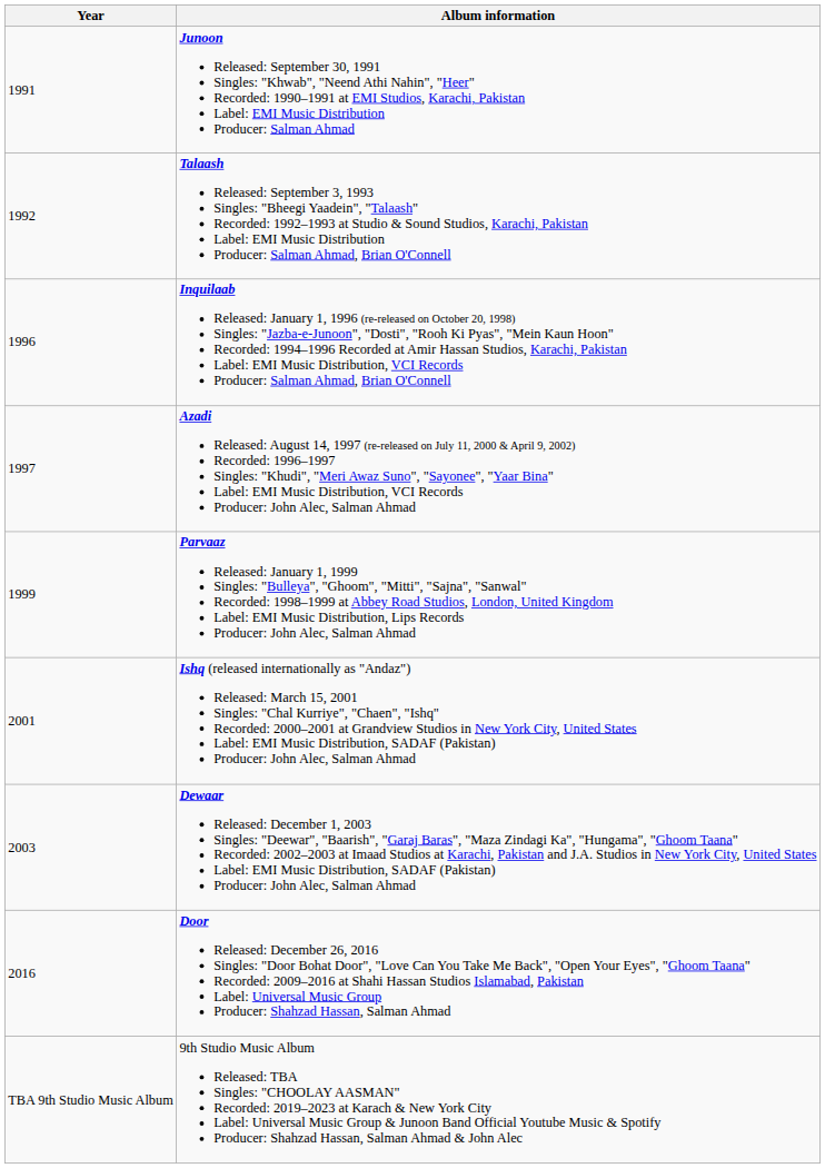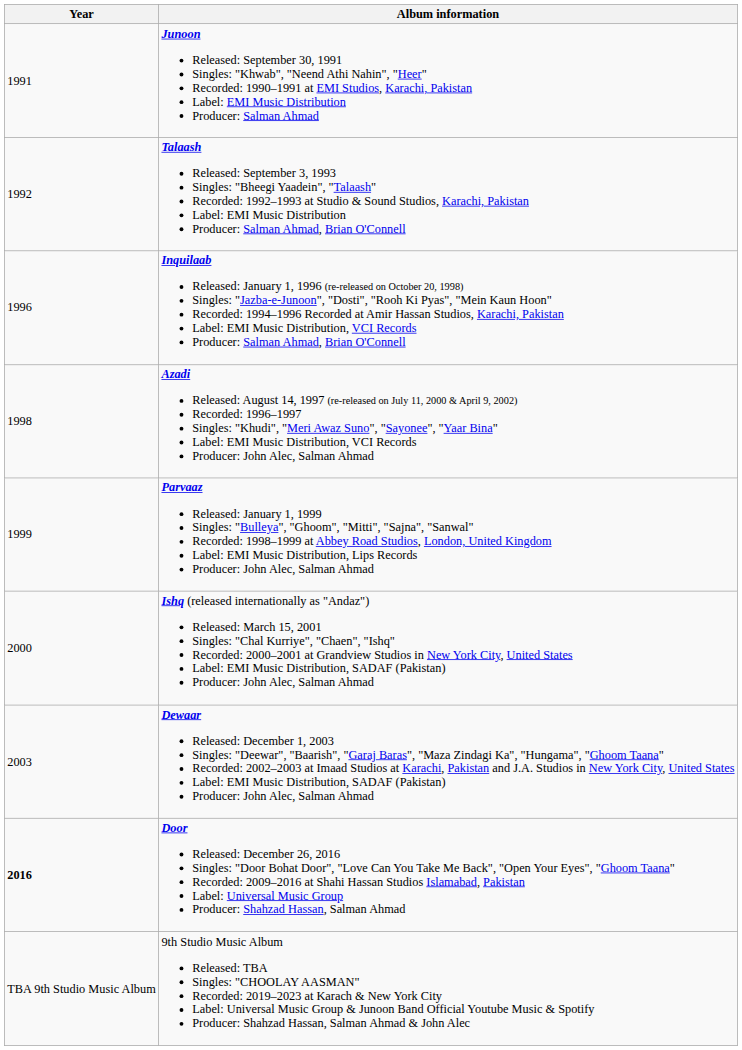 <table class="wikitable">
 <tr>
 <th>Year</th>
 <th>Album information</th>
 </tr>
 <tr>
 <td>1991</td>
 <td><strong><em><a href='#'>Junoon</a></em></strong><br><ul><li>Released: September 30, 1991</li><li>Singles: "Khwab", "Neend Athi Nahin", "<a href='#'>Heer</a>"</li><li>Recorded: 1990–1991 at <a href='#'>EMI Studios</a>, <a href='#'>Karachi, Pakistan</a></li><li>Label: <a href='#'>EMI Music Distribution</a></li><li>Producer: <a href='#'>Salman Ahmad</a></li></ul></td>
 </tr>
 <tr>
 <td>1992</td>
 <td><strong><em><a href='#'>Talaash</a></em></strong><br><ul><li>Released: September 3, 1993</li><li>Singles: "Bheegi Yaadein", "<a href='#'>Talaash</a>"</li><li>Recorded: 1992–1993 at Studio & Sound Studios, <a href='#'>Karachi, Pakistan</a></li><li>Label: EMI Music Distribution</li><li>Producer: <a href='#'>Salman Ahmad</a>, <a href='#'>Brian O'Connell</a></li></ul></td>
 </tr>
 <tr>
 <td>1996</td>
 <td><strong><em><a href='#'>Inquilaab</a></em></strong><br><ul><li>Released: January 1, 1996 <small>(re-released on October 20, 1998)</small></li><li>Singles: "<a href='#'>Jazba-e-Junoon</a>", "Dosti", "Rooh Ki Pyas", "Mein Kaun Hoon"</li><li>Recorded: 1994–1996 Recorded at Amir Hassan Studios, <a href='#'>Karachi, Pakistan</a></li><li>Label: EMI Music Distribution, <a href='#'>VCI Records</a></li><li>Producer: <a href='#'>Salman Ahmad</a>, <a href='#'>Brian O'Connell</a></li></ul></td>
 </tr>
 <tr>
-<td>1997</td>
+<td>1998</td>
 <td><strong><em><a href='#'>Azadi</a></em></strong><br><ul><li>Released: August 14, 1997 <small>(re-released on July 11, 2000 & April 9, 2002)</small></li><li>Recorded: 1996–1997</li><li>Singles: "Khudi", "<a href='#'>Meri Awaz Suno</a>", "<a href='#'>Sayonee</a>", "<a href='#'>Yaar Bina</a>"</li><li>Label: EMI Music Distribution, VCI Records</li><li>Producer: John Alec, Salman Ahmad</li></ul></td>
 </tr>
 <tr>
 <td>1999</td>
 <td><strong><em><a href='#'>Parvaaz</a></em></strong><br><ul><li>Released: January 1, 1999</li><li>Singles: "<a href='#'>Bulleya</a>", "Ghoom", "Mitti", "Sajna", "Sanwal"</li><li>Recorded: 1998–1999 at <a href='#'>Abbey Road Studios</a>, <a href='#'>London, United Kingdom</a></li><li>Label: EMI Music Distribution, Lips Records</li><li>Producer: John Alec, Salman Ahmad</li></ul></td>
 </tr>
 <tr>
-<td>2001</td>
+<td>2000</td>
 <td><strong><em><a href='#'>Ishq</a></em></strong> (released internationally as "Andaz")<br><ul><li>Released: March 15, 2001</li><li>Singles: "Chal Kurriye", "Chaen", "Ishq"</li><li>Recorded: 2000–2001 at Grandview Studios in <a href='#'>New York City</a>, <a href='#'>United States</a></li><li>Label: EMI Music Distribution, SADAF (Pakistan)</li><li>Producer: John Alec, Salman Ahmad</li></ul></td>
 </tr>
 <tr>
 <td>2003</td>
 <td><strong><em><a href='#'>Dewaar</a></em></strong><br><ul><li>Released: December 1, 2003</li><li>Singles: "Deewar", "Baarish", "<a href='#'>Garaj Baras</a>", "Maza Zindagi Ka", "Hungama", "<a href='#'>Ghoom Taana</a>"</li><li>Recorded: 2002–2003 at Imaad Studios at <a href='#'>Karachi</a>, <a href='#'>Pakistan</a> and J.A. Studios in <a href='#'>New York City</a>, <a href='#'>United States</a></li><li>Label: EMI Music Distribution, SADAF (Pakistan)</li><li>Producer: John Alec, Salman Ahmad</li></ul></td>
 </tr>
 <tr>
-<td>2016</td>
+<td><strong>2016</strong></td>
 <td><strong><em><a href='#'>Door</a></em></strong><br><ul><li>Released: December 26, 2016</li><li>Singles: "Door Bohat Door", "Love Can You Take Me Back", "Open Your Eyes", "<a href='#'>Ghoom Taana</a>"</li><li>Recorded: 2009–2016 at Shahi Hassan Studios <a href='#'>Islamabad</a>, <a href='#'>Pakistan</a></li><li>Label: <a href='#'>Universal Music Group</a></li><li>Producer: <a href='#'>Shahzad Hassan</a>, Salman Ahmad</li></ul></td>
 </tr>
 <tr>
 <td>TBA 9th Studio Music Album</td>
 <td 9th Studio Music Album(Junoon album)>9th Studio Music Album<br><ul><li>Released: TBA</li><li>Singles: "CHOOLAY AASMAN"</li><li>Recorded: 2019–2023 at Karach & New York City</li><li>Label: Universal Music Group & Junoon Band Official Youtube Music & Spotify</li><li>Producer: Shahzad Hassan, Salman Ahmad & John Alec</li></ul></td>
 </tr>
 </table>
